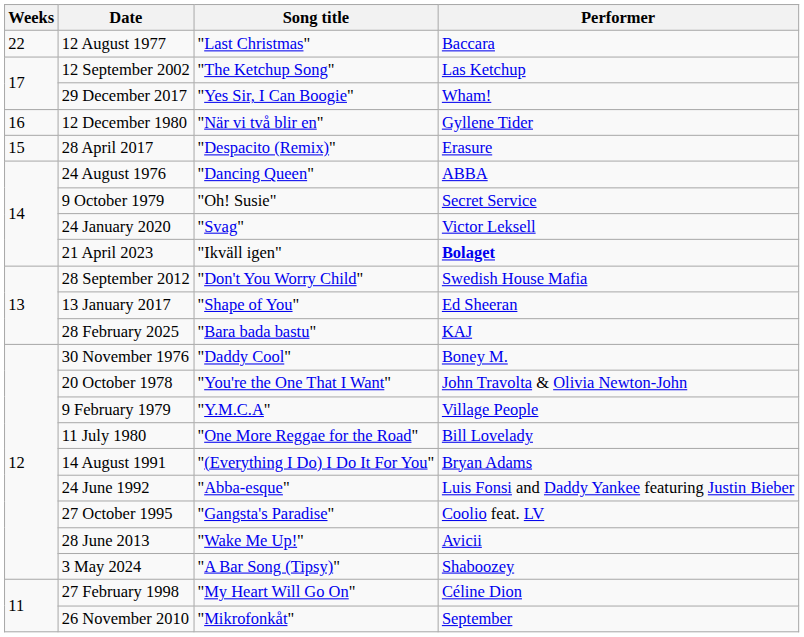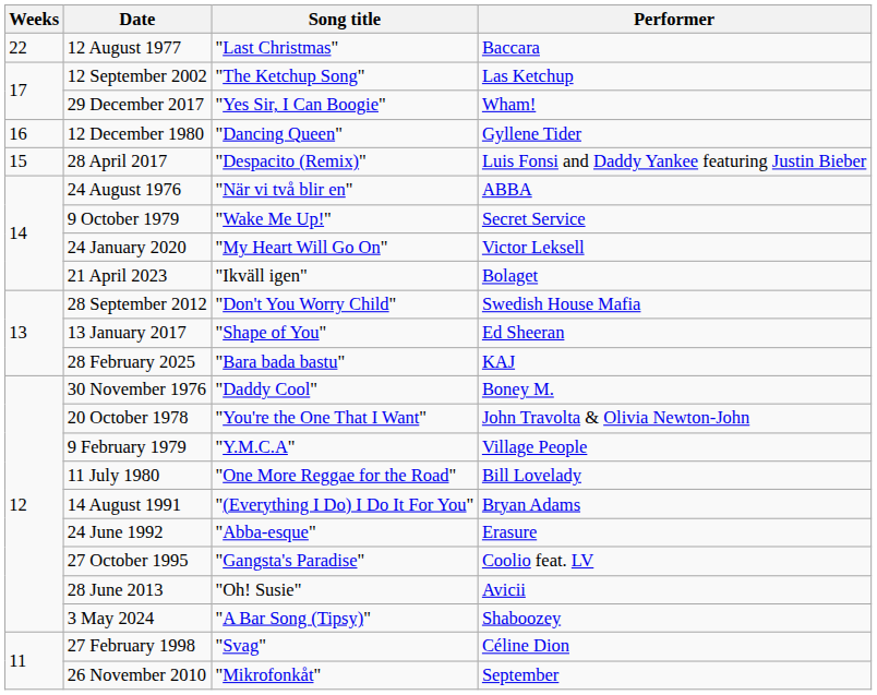 <table class="wikitable">
 <tr>
 <th>Weeks</th>
 <th>Date</th>
 <th>Song title</th>
 <th>Performer</th>
 </tr>
 <tr>
 <td>22</td>
 <td>12 August 1977</td>
 <td>"<a href='#'>Last Christmas</a>"</td>
 <td><a href='#'>Baccara</a></td>
 </tr>
 <tr>
 <td rowspan="2">17</td>
 <td>12 September 2002</td>
 <td>"<a href='#'>The Ketchup Song</a>"</td>
 <td><a href='#'>Las Ketchup</a></td>
 </tr>
 <tr>
 <td>29 December 2017</td>
 <td>"<a href='#'>Yes Sir, I Can Boogie</a>"</td>
 <td><a href='#'>Wham!</a></td>
 </tr>
 <tr>
 <td>16</td>
 <td>12 December 1980</td>
-<td>"<a href='#'>När vi två blir en</a>"</td>
+<td>"<a href='#'>Dancing Queen</a>"</td>
 <td><a href='#'>Gyllene Tider</a></td>
 </tr>
 <tr>
 <td>15</td>
 <td>28 April 2017</td>
 <td>"<a href='#'>Despacito (Remix)</a>"</td>
-<td><a href='#'>Erasure</a></td>
+<td><a href='#'>Luis Fonsi</a> and <a href='#'>Daddy Yankee</a> featuring <a href='#'>Justin Bieber</a></td>
 </tr>
 <tr>
 <td rowspan="4">14</td>
 <td>24 August 1976</td>
-<td>"<a href='#'>Dancing Queen</a>"</td>
+<td>"<a href='#'>När vi två blir en</a>"</td>
 <td><a href='#'>ABBA</a></td>
 </tr>
 <tr>
 <td>9 October 1979</td>
-<td>"Oh! Susie"</td>
+<td>"<a href='#'>Wake Me Up!</a>"</td>
 <td><a href='#'>Secret Service</a></td>
 </tr>
 <tr>
 <td>24 January 2020</td>
-<td>"<a href='#'>Svag</a>"</td>
+<td>"<a href='#'>My Heart Will Go On</a>"</td>
 <td><a href='#'>Victor Leksell</a></td>
 </tr>
 <tr>
 <td>21 April 2023</td>
 <td>"Ikväll igen"</td>
-<td><strong><a href='#'>Bolaget</a></strong></td>
+<td><a href='#'>Bolaget</a></td>
 </tr>
 <tr>
 <td rowspan="3">13</td>
 <td>28 September 2012</td>
 <td>"<a href='#'>Don't You Worry Child</a>"</td>
 <td><a href='#'>Swedish House Mafia</a></td>
 </tr>
 <tr>
 <td>13 January 2017</td>
 <td>"<a href='#'>Shape of You</a>"</td>
 <td><a href='#'>Ed Sheeran</a></td>
 </tr>
 <tr>
 <td>28 February 2025</td>
 <td>"<a href='#'>Bara bada bastu</a>"</td>
 <td><a href='#'>KAJ</a></td>
 </tr>
 <tr>
 <td rowspan="9">12</td>
 <td>30 November 1976</td>
 <td>"<a href='#'>Daddy Cool</a>"</td>
 <td><a href='#'>Boney M.</a></td>
 </tr>
 <tr>
 <td>20 October 1978</td>
 <td>"<a href='#'>You're the One That I Want</a>"</td>
 <td><a href='#'>John Travolta</a> & <a href='#'>Olivia Newton-John</a></td>
 </tr>
 <tr>
 <td>9 February 1979</td>
 <td>"<a href='#'>Y.M.C.A</a>"</td>
 <td><a href='#'>Village People</a></td>
 </tr>
 <tr>
 <td>11 July 1980</td>
 <td>"<a href='#'>One More Reggae for the Road</a>"</td>
 <td><a href='#'>Bill Lovelady</a></td>
 </tr>
 <tr>
 <td>14 August 1991</td>
 <td>"<a href='#'>(Everything I Do) I Do It For You</a>"</td>
 <td><a href='#'>Bryan Adams</a></td>
 </tr>
 <tr>
 <td>24 June 1992</td>
 <td>"<a href='#'>Abba-esque</a>"</td>
-<td><a href='#'>Luis Fonsi</a> and <a href='#'>Daddy Yankee</a> featuring <a href='#'>Justin Bieber</a></td>
+<td><a href='#'>Erasure</a></td>
 </tr>
 <tr>
 <td>27 October 1995</td>
 <td>"<a href='#'>Gangsta's Paradise</a>"</td>
 <td><a href='#'>Coolio</a> feat. <a href='#'>LV</a></td>
 </tr>
 <tr>
 <td>28 June 2013</td>
-<td>"<a href='#'>Wake Me Up!</a>"</td>
+<td>"Oh! Susie"</td>
 <td><a href='#'>Avicii</a></td>
 </tr>
 <tr>
 <td>3 May 2024</td>
 <td>"<a href='#'>A Bar Song (Tipsy)</a>"</td>
 <td><a href='#'>Shaboozey</a></td>
 </tr>
 <tr>
 <td rowspan="2">11</td>
 <td>27 February 1998</td>
-<td>"<a href='#'>My Heart Will Go On</a>"</td>
+<td>"<a href='#'>Svag</a>"</td>
 <td><a href='#'>Céline Dion</a></td>
 </tr>
 <tr>
 <td>26 November 2010</td>
 <td>"<a href='#'>Mikrofonkåt</a>"</td>
 <td><a href='#'>September</a></td>
 </tr>
 </table>
